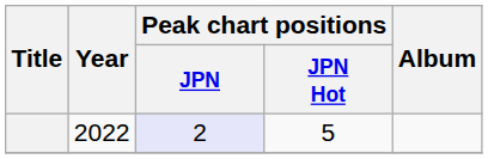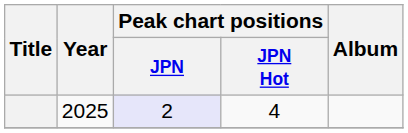 <table class="wikitable plainrowheaders" style="text-align:center;">
 <tr>
 <th scope="col" rowspan="2">Title</th>
 <th scope="col" rowspan="2">Year</th>
 <th scope="col" colspan="2">Peak chart positions</th>
 <th scope="col" rowspan="2">Album</th>
 </tr>
 <tr>
 <th scope="col" colspan="1"><small><a href='#'>JPN</a></small><br></th>
 <th scope="col"><small><a href='#'>JPN<br>Hot</a></small><br></th>
 </tr>
 <tr>
 <th scope="row"></th>
-<td>2022</td>
+<td>2025</td>
 <td style="background: lavender;">2</td>
-<td>5</td>
+<td>4</td>
 <td></td>
 </tr>
 <tr>
 </tr>
 </table>
